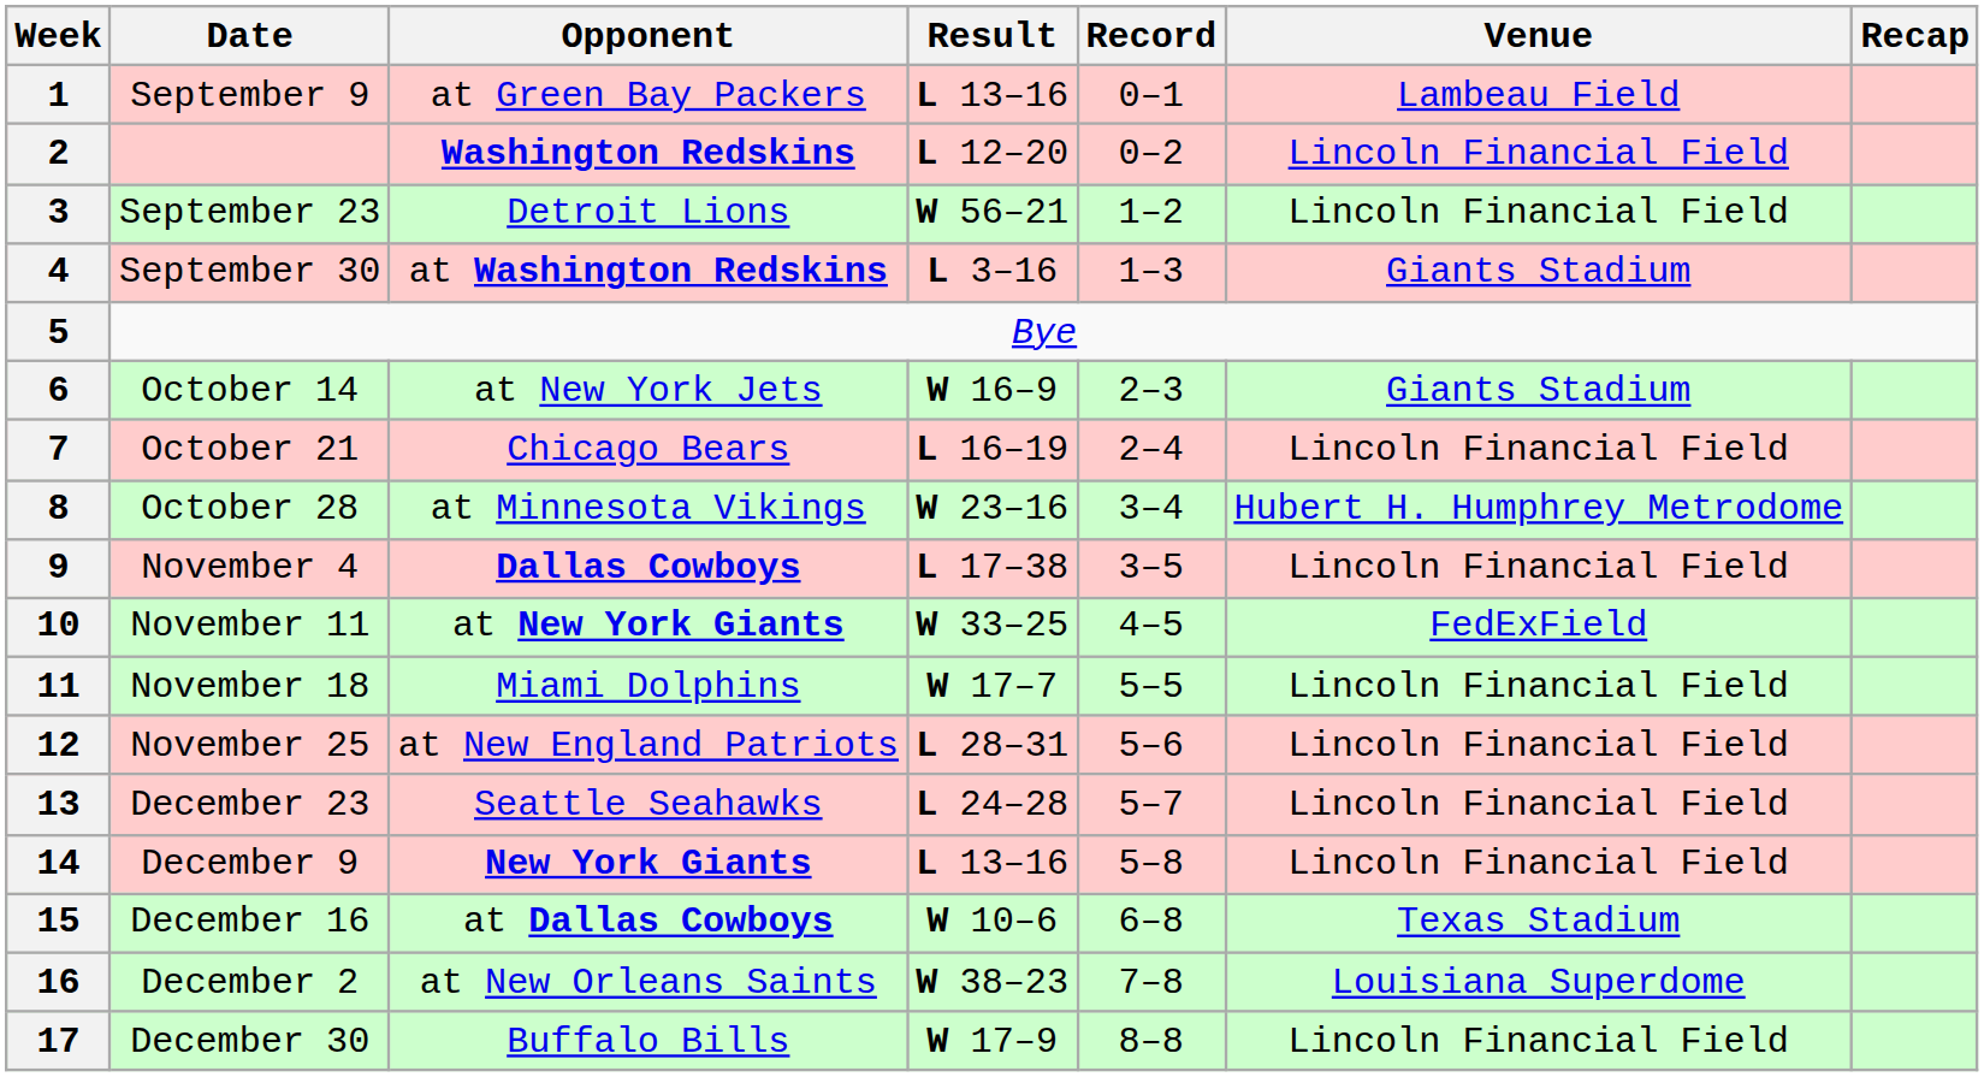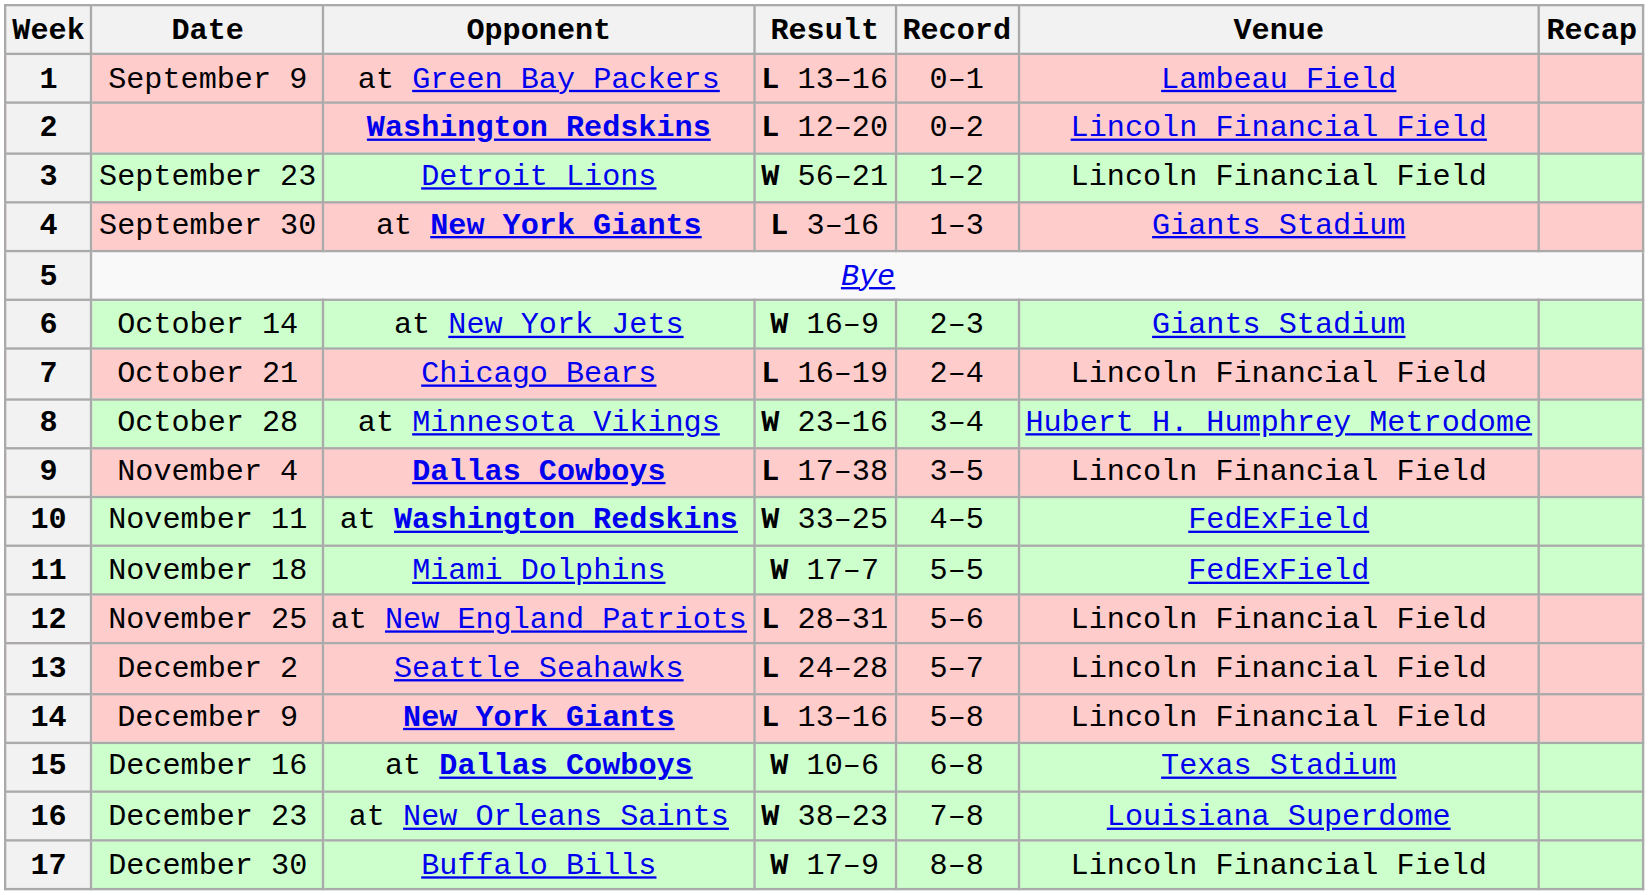 <table class="wikitable" style="text-align:center">
 <tr>
 <th>Week</th>
 <th>Date</th>
 <th>Opponent</th>
 <th>Result</th>
 <th>Record</th>
 <th>Venue</th>
 <th>Recap</th>
 </tr>
 <tr style="background:#fcc">
 <th>1</th>
 <td>September 9</td>
 <td>at <a href='#'>Green Bay Packers</a></td>
 <td><strong>L</strong> 13–16</td>
 <td>0–1</td>
 <td><a href='#'>Lambeau Field</a></td>
 <td></td>
 </tr>
 <tr style="background:#fcc">
 <th>2</th>
 <td></td>
 <td><strong><a href='#'>Washington Redskins</a></strong></td>
 <td><strong>L</strong> 12–20</td>
 <td>0–2</td>
 <td><a href='#'>Lincoln Financial Field</a></td>
 <td></td>
 </tr>
 <tr style="background:#cfc">
 <th>3</th>
 <td>September 23</td>
 <td><a href='#'>Detroit Lions</a></td>
 <td><strong>W</strong> 56–21</td>
 <td>1–2</td>
 <td>Lincoln Financial Field</td>
 <td></td>
 </tr>
 <tr style="background:#fcc">
 <th>4</th>
 <td>September 30</td>
-<td>at <strong><a href='#'>Washington Redskins</a></strong></td>
+<td>at <strong><a href='#'>New York Giants</a></strong></td>
 <td><strong>L</strong> 3–16</td>
 <td>1–3</td>
 <td><a href='#'>Giants Stadium</a></td>
 <td></td>
 </tr>
 <tr>
 <th>5</th>
 <td colspan="6"><em><a href='#'>Bye</a></em></td>
 </tr>
 <tr style="background:#cfc">
 <th>6</th>
 <td>October 14</td>
 <td>at <a href='#'>New York Jets</a></td>
 <td><strong>W</strong> 16–9</td>
 <td>2–3</td>
 <td><a href='#'>Giants Stadium</a></td>
 <td></td>
 </tr>
 <tr style="background:#fcc">
 <th>7</th>
 <td>October 21</td>
 <td><a href='#'>Chicago Bears</a></td>
 <td><strong>L</strong> 16–19</td>
 <td>2–4</td>
 <td>Lincoln Financial Field</td>
 <td></td>
 </tr>
 <tr style="background:#cfc">
 <th>8</th>
 <td>October 28</td>
 <td>at <a href='#'>Minnesota Vikings</a></td>
 <td><strong>W</strong> 23–16</td>
 <td>3–4</td>
 <td><a href='#'>Hubert H. Humphrey Metrodome</a></td>
 <td></td>
 </tr>
 <tr style="background:#fcc">
 <th>9</th>
 <td>November 4</td>
 <td><strong><a href='#'>Dallas Cowboys</a></strong></td>
 <td><strong>L</strong> 17–38</td>
 <td>3–5</td>
 <td>Lincoln Financial Field</td>
 <td></td>
 </tr>
 <tr style="background:#cfc">
 <th>10</th>
 <td>November 11</td>
-<td>at <strong><a href='#'>New York Giants</a></strong></td>
+<td>at <strong><a href='#'>Washington Redskins</a></strong></td>
 <td><strong>W</strong> 33–25</td>
 <td>4–5</td>
 <td><a href='#'>FedExField</a></td>
 <td></td>
 </tr>
 <tr style="background:#cfc">
 <th>11</th>
 <td>November 18</td>
 <td><a href='#'>Miami Dolphins</a></td>
 <td><strong>W</strong> 17–7</td>
 <td>5–5</td>
-<td>Lincoln Financial Field</td>
+<td><a href='#'>FedExField</a></td>
 <td></td>
 </tr>
 <tr style="background:#fcc">
 <th>12</th>
 <td>November 25</td>
 <td>at <a href='#'>New England Patriots</a></td>
 <td><strong>L</strong> 28–31</td>
 <td>5–6</td>
 <td>Lincoln Financial Field</td>
 <td></td>
 </tr>
 <tr style="background:#fcc">
 <th>13</th>
-<td>December 23</td>
+<td>December 2</td>
 <td><a href='#'>Seattle Seahawks</a></td>
 <td><strong>L</strong> 24–28</td>
 <td>5–7</td>
 <td>Lincoln Financial Field</td>
 <td></td>
 </tr>
 <tr style="background:#fcc">
 <th>14</th>
 <td>December 9</td>
 <td><strong><a href='#'>New York Giants</a></strong></td>
 <td><strong>L</strong> 13–16</td>
 <td>5–8</td>
 <td>Lincoln Financial Field</td>
 <td></td>
 </tr>
 <tr style="background:#cfc">
 <th>15</th>
 <td>December 16</td>
 <td>at <strong><a href='#'>Dallas Cowboys</a></strong></td>
 <td><strong>W</strong> 10–6</td>
 <td>6–8</td>
 <td><a href='#'>Texas Stadium</a></td>
 <td></td>
 </tr>
 <tr style="background:#cfc">
 <th>16</th>
-<td>December 2</td>
+<td>December 23</td>
 <td>at <a href='#'>New Orleans Saints</a></td>
 <td><strong>W</strong> 38–23</td>
 <td>7–8</td>
 <td><a href='#'>Louisiana Superdome</a></td>
 <td></td>
 </tr>
 <tr style="background:#cfc">
 <th>17</th>
 <td>December 30</td>
 <td><a href='#'>Buffalo Bills</a></td>
 <td><strong>W</strong> 17–9</td>
 <td>8–8</td>
 <td>Lincoln Financial Field</td>
 <td></td>
 </tr>
 </table>
